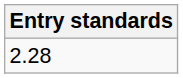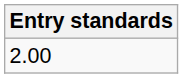 <table class="wikitable" border="1" align="upright">
 <tr>
 <th>Entry standards</th>
 </tr>
 <tr>
-<td>2.28</td>
+<td>2.00</td>
 </tr>
 </table>
